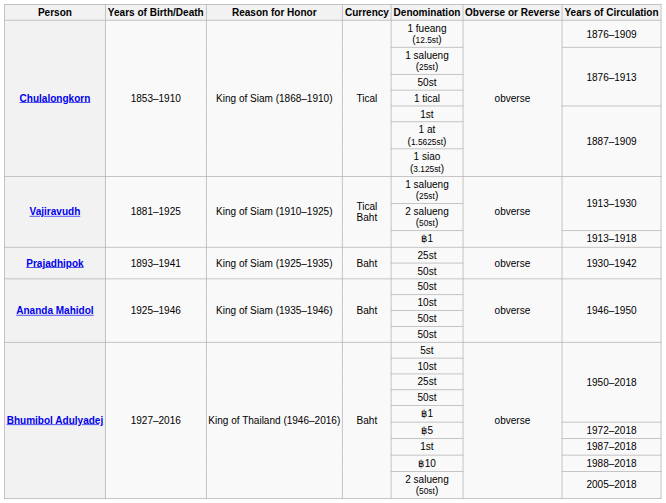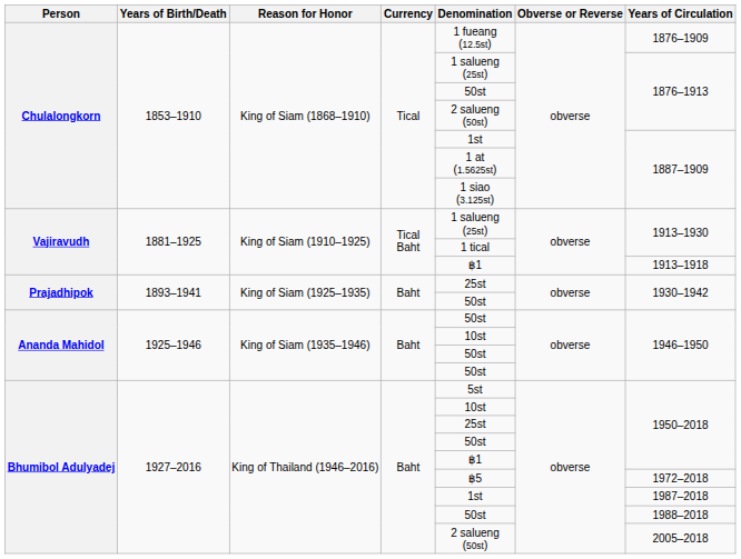 <table class="wikitable" style="font-size:95%; text-align:center;">
 <tr>
 <th>Person</th>
 <th>Years of Birth/Death</th>
 <th>Reason for Honor</th>
 <th>Currency</th>
 <th>Denomination</th>
 <th>Obverse or Reverse</th>
 <th>Years of Circulation</th>
 </tr>
 <tr>
 <th rowspan="7"><a href='#'>Chulalongkorn</a></th>
 <td rowspan="7">1853–1910</td>
 <td rowspan="7">King of Siam (1868–1910)</td>
 <td rowspan="7">Tical</td>
 <td>1 fueang<br>(<small>12.5st</small>)</td>
 <td rowspan="7">obverse</td>
 <td>1876–1909</td>
 </tr>
 <tr>
 <td>1 salueng<br>(<small>25st</small>)</td>
 <td rowspan="3">1876–1913</td>
 </tr>
 <tr>
 <td>50st</td>
 </tr>
 <tr>
-<td>1 tical</td>
+<td>2 salueng<br>(<small>50st</small>)</td>
 </tr>
 <tr>
 <td>1st</td>
 <td rowspan="3">1887–1909</td>
 </tr>
 <tr>
 <td>1 at<br>(<small>1.5625st</small>)</td>
 </tr>
 <tr>
 <td>1 siao<br>(<small>3.125st</small>)</td>
 </tr>
 <tr>
 <th rowspan="3"><a href='#'>Vajiravudh</a></th>
 <td rowspan="3">1881–1925</td>
 <td rowspan="3">King of Siam (1910–1925)</td>
 <td rowspan="3">Tical<br>Baht</td>
 <td>1 salueng<br>(<small>25st</small>)</td>
 <td rowspan="3">obverse</td>
 <td rowspan="2">1913–1930</td>
 </tr>
 <tr>
-<td>2 salueng<br>(<small>50st</small>)</td>
+<td>1 tical</td>
 </tr>
 <tr>
 <td>฿1</td>
 <td>1913–1918</td>
 </tr>
 <tr>
 <th rowspan="2"><a href='#'>Prajadhipok</a></th>
 <td rowspan="2">1893–1941</td>
 <td rowspan="2">King of Siam (1925–1935)</td>
 <td rowspan="2">Baht</td>
 <td>25st</td>
 <td rowspan="2">obverse</td>
 <td rowspan="2">1930–1942</td>
 </tr>
 <tr>
 <td>50st</td>
 </tr>
 <tr>
 <th rowspan="4"><a href='#'>Ananda Mahidol</a></th>
 <td rowspan="4">1925–1946</td>
 <td rowspan="4">King of Siam (1935–1946)</td>
 <td rowspan="4">Baht</td>
 <td>50st</td>
 <td rowspan="4">obverse</td>
 <td rowspan="4">1946–1950</td>
 </tr>
 <tr>
 <td>10st</td>
 </tr>
 <tr>
 <td>50st</td>
 </tr>
 <tr>
 <td>50st</td>
 </tr>
 <tr>
 <th rowspan="9"><a href='#'>Bhumibol Adulyadej</a></th>
 <td rowspan="9">1927–2016</td>
 <td rowspan="9">King of Thailand (1946–2016)</td>
 <td rowspan="9">Baht</td>
 <td>5st</td>
 <td rowspan="9">obverse</td>
 <td rowspan="5">1950–2018</td>
 </tr>
 <tr>
 <td>10st</td>
 </tr>
 <tr>
 <td>25st</td>
 </tr>
 <tr>
 <td>50st</td>
 </tr>
 <tr>
 <td>฿1</td>
 </tr>
 <tr>
 <td>฿5</td>
 <td>1972–2018</td>
 </tr>
 <tr>
 <td>1st</td>
 <td>1987–2018</td>
 </tr>
 <tr>
-<td>฿10</td>
+<td>50st</td>
 <td>1988–2018</td>
 </tr>
 <tr>
 <td>2 salueng<br>(<small>50st</small>)</td>
 <td>2005–2018</td>
 </tr>
 </table>
